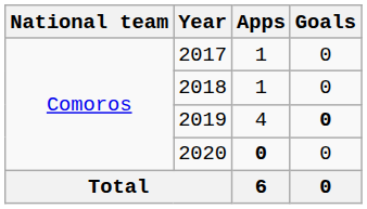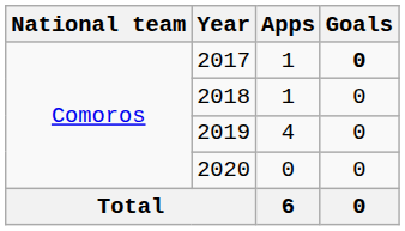 <table class="wikitable" style="text-align:center">
 <tr>
 <th>National team</th>
 <th>Year</th>
 <th>Apps</th>
 <th>Goals</th>
 </tr>
 <tr>
 <td rowspan="4"><a href='#'>Comoros</a></td>
 <td>2017</td>
 <td>1</td>
-<td>0</td>
+<td><strong>0</strong></td>
 </tr>
 <tr>
 <td>2018</td>
 <td>1</td>
 <td>0</td>
 </tr>
 <tr>
 <td>2019</td>
 <td>4</td>
-<td><strong>0</strong></td>
+<td>0</td>
 </tr>
 <tr>
 <td>2020</td>
-<td><strong>0</strong></td>
+<td>0</td>
 <td>0</td>
 </tr>
 <tr>
 <th colspan=2>Total</th>
 <th>6</th>
 <th>0</th>
 </tr>
 </table>
